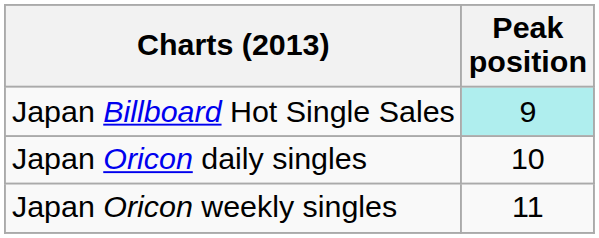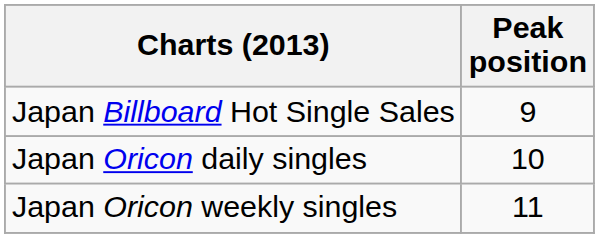 <table class="wikitable sortable">
 <tr>
 <th>Charts (2013)</th>
 <th>Peak<br>position</th>
 </tr>
 <tr>
 <td>Japan <em><a href='#'>Billboard</a></em> Hot Single Sales</td>
-<td align="center" style="background: paleturquoise;">9</td>
+<td align="center">9</td>
 </tr>
 <tr>
 <td>Japan <em><a href='#'>Oricon</a></em> daily singles</td>
 <td align="center">10</td>
 </tr>
 <tr>
 <td>Japan <em>Oricon</em> weekly singles</td>
 <td align="center">11</td>
 </tr>
 </table>
